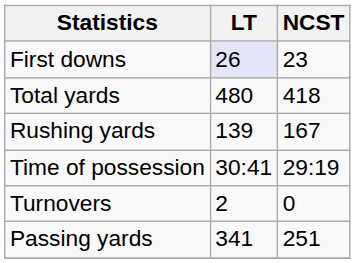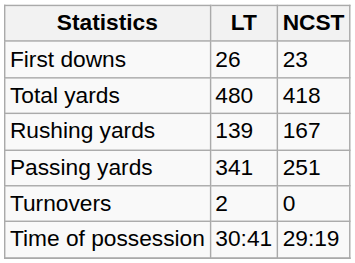 <table class="wikitable" style="float: left;">
 <tr>
 <th>Statistics</th>
 <th>LT</th>
 <th>NCST</th>
 </tr>
 <tr>
 <td>First downs</td>
-<td style="background: lavender;">26</td>
+<td>26</td>
 <td>23</td>
 </tr>
 <tr>
 <td>Total yards</td>
 <td>480</td>
 <td>418</td>
 </tr>
 <tr>
 <td>Rushing yards</td>
 <td>139</td>
 <td>167</td>
 </tr>
 <tr>
-<td>Time of possession</td>
-<td>30:41</td>
-<td>29:19</td>
+<td>Passing yards</td>
+<td>341</td>
+<td>251</td>
 </tr>
 <tr>
 <td>Turnovers</td>
 <td>2</td>
 <td>0</td>
 </tr>
 <tr>
-<td>Passing yards</td>
-<td>341</td>
-<td>251</td>
+<td>Time of possession</td>
+<td>30:41</td>
+<td>29:19</td>
 </tr>
 <tr>
 </tr>
 </table>
